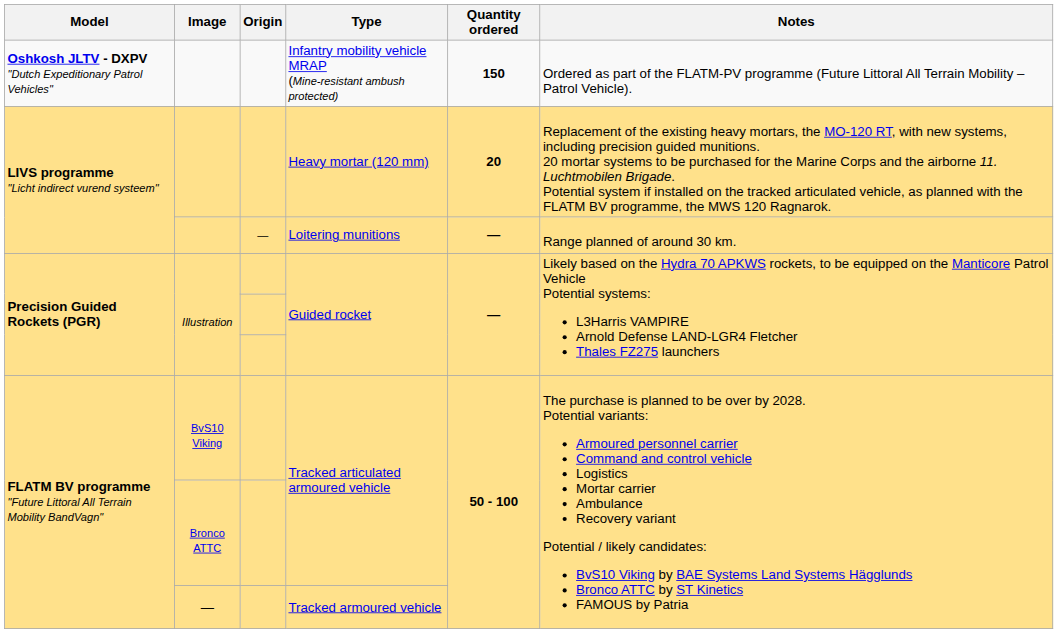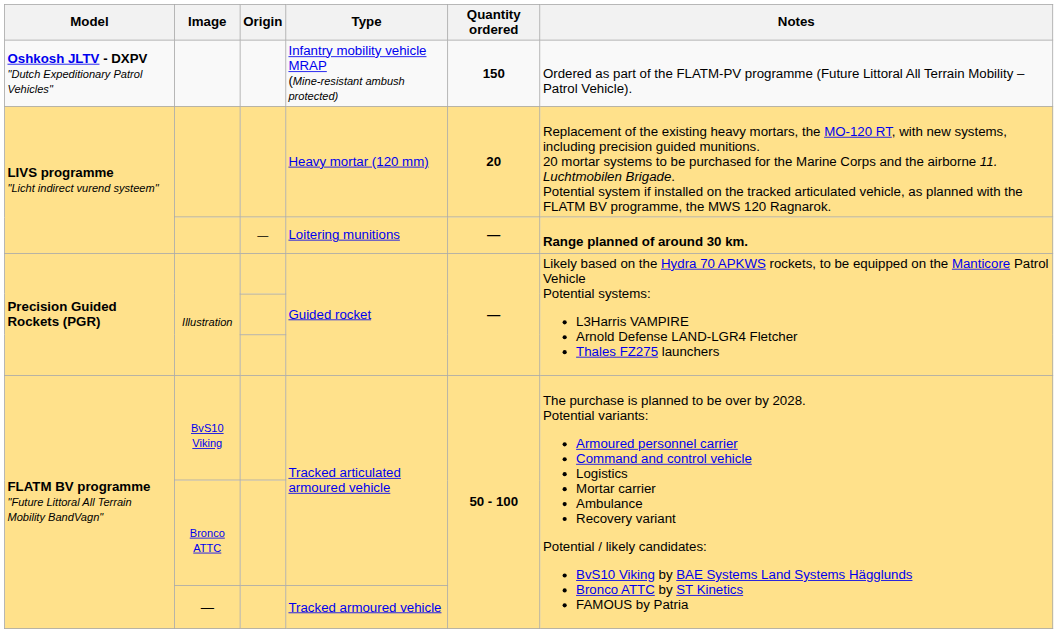 <table class="wikitable" style="width:100%;">
 <tr>
 <th>Model</th>
 <th>Image</th>
 <th>Origin</th>
 <th>Type</th>
 <th>Quantity ordered</th>
 <th>Notes</th>
 </tr>
 <tr>
 <td><strong><a href='#'>Oshkosh JLTV</a> - DXPV</strong><br><em><small>"Dutch Expeditionary Patrol Vehicles"</small></em></td>
 <td style="text-align: center;"></td>
 <td><small></small></td>
 <td><a href='#'>Infantry mobility vehicle</a><br><a href='#'>MRAP</a><br>(<em><small>Mine-resistant ambush protected)</small></em></td>
 <td style="text-align: center;"><strong>150</strong></td>
 <td><br>Ordered as part of the FLATM-PV programme (Future Littoral All Terrain Mobility – Patrol Vehicle).</td>
 </tr>
 <tr>
 <td rowspan="2" style="background: #FFE18B;"><strong>LIVS programme</strong><br><em><small>"Licht indirect vurend systeem"</small></em></td>
 <td style="background: #FFE18B;"></td>
 <td style="background: #FFE18B;"><small></small></td>
 <td style="background: #FFE18B;"><a href='#'>Heavy mortar (120 mm)</a></td>
 <td style="background: #FFE18B;text-align: center"><strong>20</strong></td>
 <td style="background: #FFE18B;"><br>Replacement of the existing heavy mortars, the <a href='#'>MO-120 RT</a>, with new systems, including precision guided munitions.<br>20 mortar systems to be purchased for the Marine Corps and the airborne <em>11. Luchtmobilen Brigade</em>.<br>Potential system if installed on the tracked articulated vehicle, as planned with the FLATM BV programme, the MWS 120 Ragnarok.</td>
 </tr>
 <tr>
 <td style="background: #FFE18B;"></td>
 <td style="background: #FFE18B;text-align: center"><small>—</small></td>
 <td style="background: #FFE18B"><a href='#'>Loitering munitions</a></td>
 <td style="background: #FFE18B;text-align: center"><strong>—</strong></td>
-<td style="background: #FFE18B;"><br>Range planned of around 30 km.</td>
+<td style="background: #FFE18B;"><strong><br>Range planned of around 30 km.</strong></td>
 </tr>
 <tr>
 <td rowspan="3" style="background: #FFE18B;"><strong>Precision Guided Rockets (PGR)</strong></td>
 <td rowspan="3" style="background: #FFE18B;text-align: center"><br><em><small>Illustration</small></em></td>
 <td style="background: #FFE18B;"><small></small></td>
 <td rowspan="3" style="background: #FFE18B;"><a href='#'>Guided rocket</a></td>
 <td rowspan="3" style="background: #FFE18B;text-align: center"><strong>—</strong></td>
 <td rowspan="3" style="background: #FFE18B;">Likely based on the <a href='#'>Hydra 70 APKWS</a> rockets, to be equipped on the <a href='#'>Manticore</a> Patrol Vehicle<br>Potential systems:<ul><li>L3Harris VAMPIRE</li><li>Arnold Defense LAND-LGR4 Fletcher</li><li><a href='#'>Thales FZ275</a> launchers</li></ul></td>
 </tr>
 <tr>
 <td style="background: #FFE18B;"><small></small></td>
 </tr>
 <tr>
 <td style="background: #FFE18B;"><small></small></td>
 </tr>
 <tr>
 <td rowspan="3" style="background: #FFE18B"><strong>FLATM BV programme</strong><br><em><small>"Future Littoral All Terrain Mobility BandVagn"</small></em></td>
 <td style="background: #FFE18B;text-align: center"><small></small><br><a href='#'><small>BvS10 Viking</small></a></td>
 <td style="background: #FFE18B"><small></small></td>
 <td rowspan="2" style="background: #FFE18B;"><a href='#'>Tracked articulated armoured vehicle</a></td>
 <td rowspan="3" style="background: #FFE18B;text-align: center"><strong>50 - 100</strong></td>
 <td rowspan="3" style="background: #FFE18B;"><br>The purchase is planned to be over by 2028.<br>Potential variants:<ul><li><a href='#'>Armoured personnel carrier</a></li><li><a href='#'>Command and control vehicle</a></li><li>Logistics</li><li>Mortar carrier</li><li>Ambulance</li><li>Recovery variant</li></ul>Potential / likely candidates:<ul><li><a href='#'>BvS10 Viking</a> by <a href='#'>BAE Systems Land Systems Hägglunds</a></li><li><a href='#'>Bronco ATTC</a> by <a href='#'>ST Kinetics</a></li><li>FAMOUS by Patria</li></ul></td>
 </tr>
 <tr>
 <td style="background: #FFE18B;text-align: center"><small></small><br><a href='#'><small>Bronco ATTC</small></a></td>
 <td style="background: #FFE18B;"><small></small></td>
 </tr>
 <tr>
 <td style="background: #FFE18B;text-align: center">—</td>
 <td style="background: #FFE18B"><small></small></td>
 <td style="background: #FFE18B;"><a href='#'>Tracked armoured vehicle</a></td>
 </tr>
 </table>
